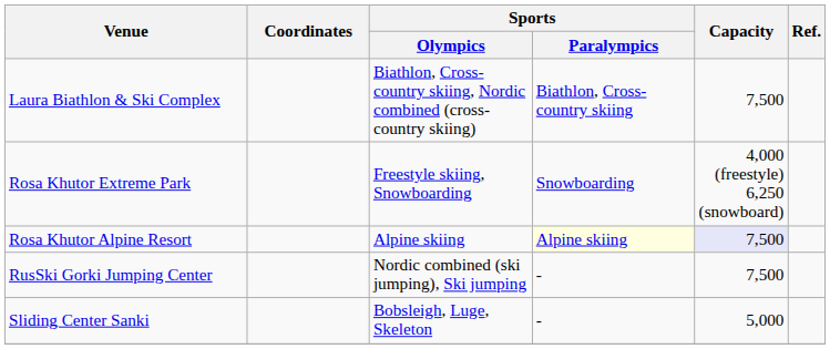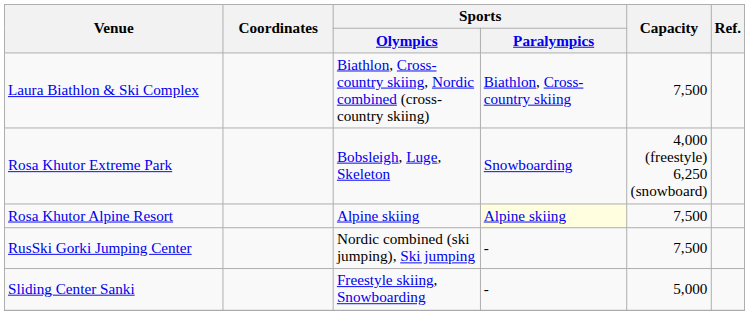 <table class="wikitable sortable" width=780px>
 <tr>
 <th rowspan="2" width=30%>Venue</th>
 <th rowspan="2" class="unsortable" width=15%>Coordinates</th>
 <th colspan="2" class="unsortable" width=40%>Sports</th>
 <th rowspan="2" width=10%>Capacity</th>
 <th rowspan="2" class="unsortable">Ref.</th>
 </tr>
 <tr>
 <th width="45"><a href='#'>Olympics</a></th>
 <th width="45"><a href='#'>Paralympics</a></th>
 </tr>
 <tr>
 <td><a href='#'>Laura Biathlon & Ski Complex</a></td>
 <td></td>
 <td><a href='#'>Biathlon</a>, <a href='#'>Cross-country skiing</a>, <a href='#'>Nordic combined</a> (cross-country skiing)</td>
 <td><a href='#'>Biathlon</a>, <a href='#'>Cross-country skiing</a></td>
 <td align="right">7,500</td>
 <td align=center></td>
 </tr>
 <tr>
 <td><a href='#'>Rosa Khutor Extreme Park</a></td>
 <td></td>
-<td><a href='#'>Freestyle skiing</a>, <a href='#'>Snowboarding</a></td>
+<td><a href='#'>Bobsleigh</a>, <a href='#'>Luge</a>, <a href='#'>Skeleton</a></td>
 <td><a href='#'>Snowboarding</a></td>
 <td align="right">4,000 (freestyle)<br>6,250 (snowboard)</td>
 <td align=center></td>
 </tr>
 <tr>
 <td><a href='#'>Rosa Khutor Alpine Resort</a></td>
 <td></td>
 <td><a href='#'>Alpine skiing</a></td>
 <td style="background: lightyellow;"><a href='#'>Alpine skiing</a></td>
-<td align="right" style="background: lavender;">7,500</td>
+<td align="right">7,500</td>
 <td align=center></td>
 </tr>
 <tr>
 <td><a href='#'>RusSki Gorki Jumping Center</a></td>
 <td></td>
 <td>Nordic combined (ski jumping), <a href='#'>Ski jumping</a></td>
 <td>-</td>
 <td align="right">7,500</td>
 <td align=center></td>
 </tr>
 <tr>
 <td><a href='#'>Sliding Center Sanki</a></td>
 <td></td>
-<td><a href='#'>Bobsleigh</a>, <a href='#'>Luge</a>, <a href='#'>Skeleton</a></td>
+<td><a href='#'>Freestyle skiing</a>, <a href='#'>Snowboarding</a></td>
 <td>-</td>
 <td align="right">5,000</td>
 <td align=center></td>
 </tr>
 <tr>
 </tr>
 </table>
